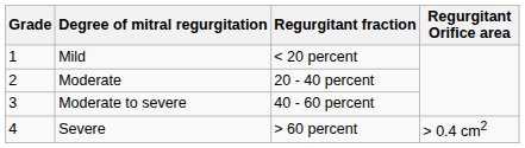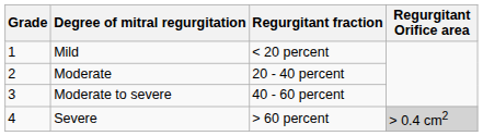 <table class="wikitable" style="margin:auto">
 <tr>
 <th>Grade</th>
 <th>Degree of mitral regurgitation</th>
 <th>Regurgitant fraction</th>
 <th width="100px">Regurgitant Orifice area</th>
 </tr>
 <tr>
 <td>1</td>
 <td>Mild</td>
 <td>< 20 percent</td>
 <td rowspan="3"></td>
 </tr>
 <tr>
 <td>2</td>
 <td>Moderate</td>
 <td>20 - 40 percent</td>
 </tr>
 <tr>
 <td>3</td>
 <td>Moderate to severe</td>
 <td>40 - 60 percent</td>
 </tr>
 <tr>
 <td>4</td>
 <td>Severe</td>
 <td>> 60 percent</td>
-<td>> 0.4 cm<sup>2</sup></td>
+<td style="background: lightgrey;">> 0.4 cm<sup>2</sup></td>
 </tr>
 </table>
